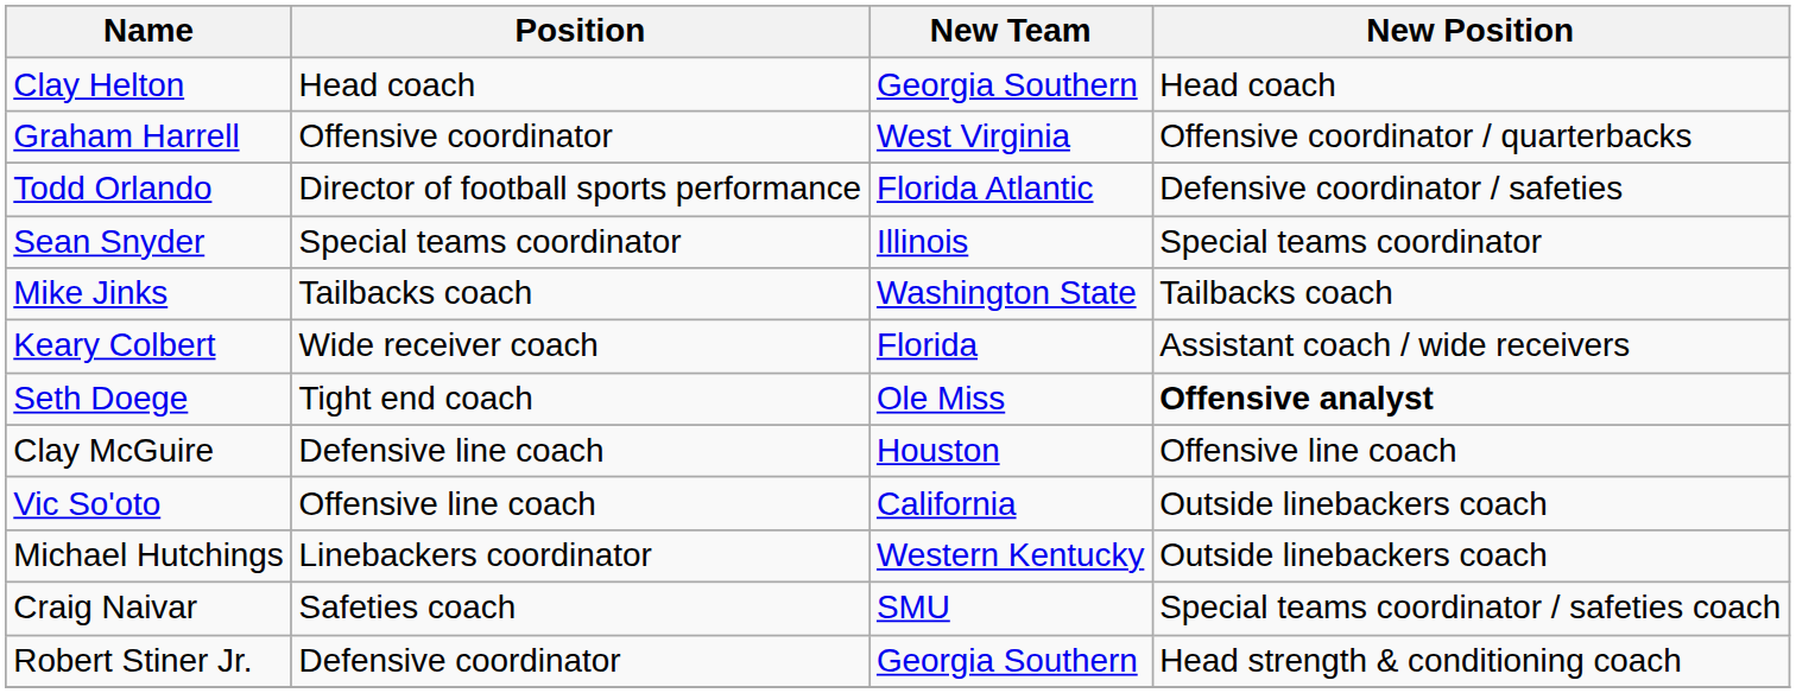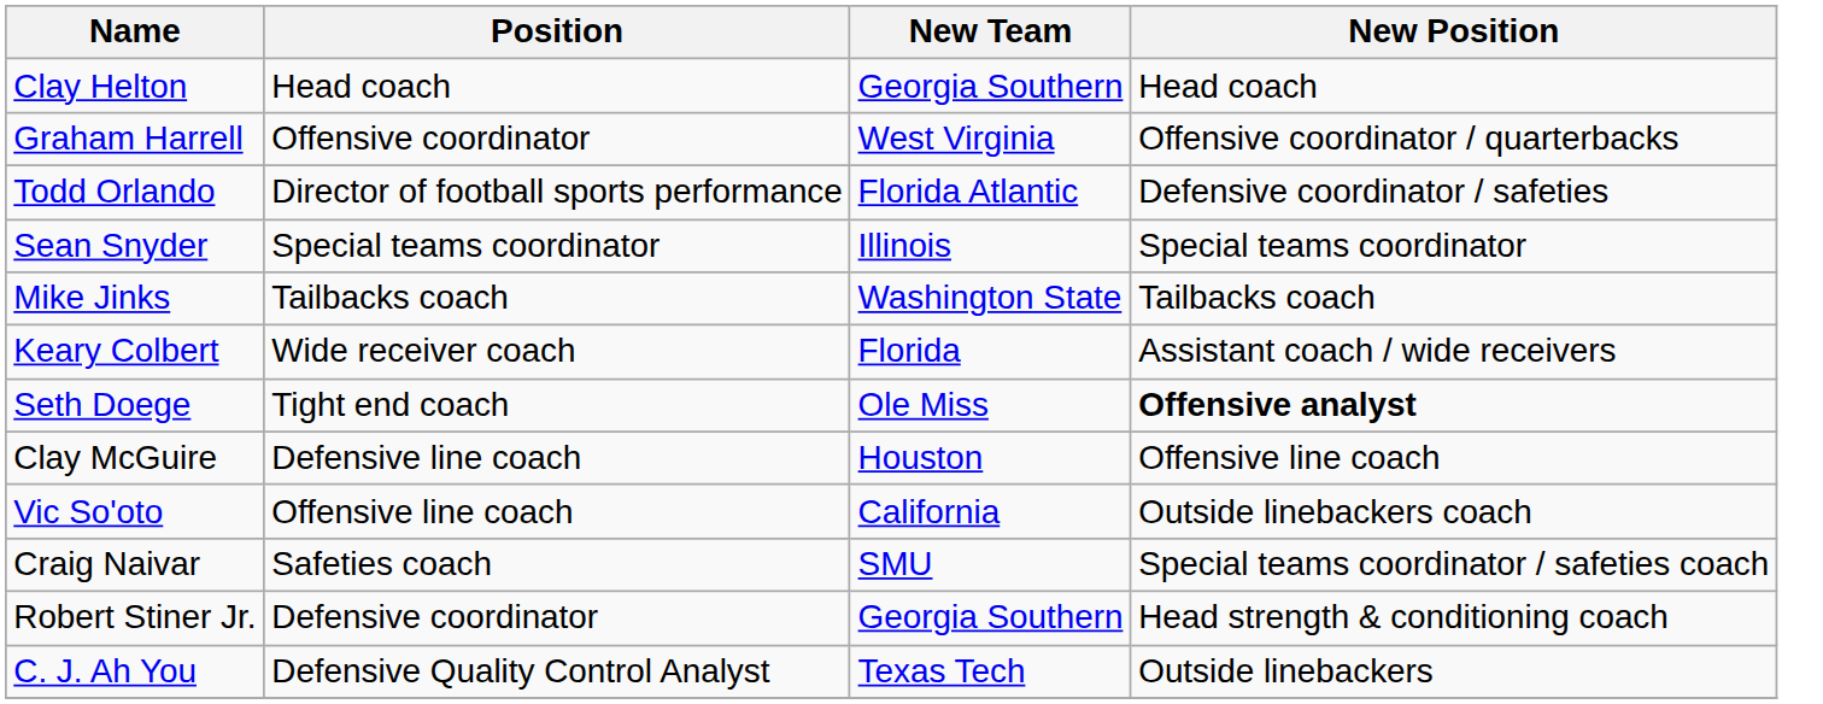 <table class="wikitable">
 <tr>
 <th style="text-align:center; ">Name</th>
 <th style="text-align:center; ">Position</th>
 <th style="text-align:center; ">New Team</th>
 <th style="text-align:center; ">New Position</th>
 </tr>
 <tr>
 <td><a href='#'>Clay Helton</a></td>
 <td>Head coach</td>
 <td><a href='#'>Georgia Southern</a></td>
 <td>Head coach</td>
 </tr>
 <tr>
 <td><a href='#'>Graham Harrell</a></td>
 <td>Offensive coordinator</td>
 <td><a href='#'>West Virginia</a></td>
 <td>Offensive coordinator / quarterbacks</td>
 </tr>
 <tr>
 <td><a href='#'>Todd Orlando</a></td>
 <td>Director of football sports performance</td>
 <td><a href='#'>Florida Atlantic</a></td>
 <td>Defensive coordinator / safeties</td>
 </tr>
 <tr>
 <td><a href='#'>Sean Snyder</a></td>
 <td>Special teams coordinator</td>
 <td><a href='#'>Illinois</a></td>
 <td>Special teams coordinator</td>
 </tr>
 <tr>
 <td><a href='#'>Mike Jinks</a></td>
 <td>Tailbacks coach</td>
 <td><a href='#'>Washington State</a></td>
 <td>Tailbacks coach</td>
 </tr>
 <tr>
 <td><a href='#'>Keary Colbert</a></td>
 <td>Wide receiver coach</td>
 <td><a href='#'>Florida</a></td>
 <td>Assistant coach / wide receivers</td>
 </tr>
 <tr>
 <td><a href='#'>Seth Doege</a></td>
 <td>Tight end coach</td>
 <td><a href='#'>Ole Miss</a></td>
 <td><strong>Offensive analyst</strong></td>
 </tr>
 <tr>
 <td>Clay McGuire</td>
 <td>Defensive line coach</td>
 <td><a href='#'>Houston</a></td>
 <td>Offensive line coach</td>
 </tr>
 <tr>
 <td><a href='#'>Vic So'oto</a></td>
 <td>Offensive line coach</td>
 <td><a href='#'>California</a></td>
 <td>Outside linebackers coach</td>
 </tr>
 <tr>
-<td>Michael Hutchings</td>
-<td>Linebackers coordinator</td>
-<td><a href='#'>Western Kentucky</a></td>
-<td>Outside linebackers coach</td>
-</tr>
-<tr>
 <td>Craig Naivar</td>
 <td>Safeties coach</td>
 <td><a href='#'>SMU</a></td>
 <td>Special teams coordinator / safeties coach</td>
 </tr>
 <tr>
 <td>Robert Stiner Jr.</td>
 <td>Defensive coordinator</td>
 <td><a href='#'>Georgia Southern</a></td>
 <td>Head strength & conditioning coach</td>
 </tr>
 <tr>
+<td><a href='#'>C. J. Ah You</a></td>
+<td>Defensive Quality Control Analyst</td>
+<td><a href='#'>Texas Tech</a></td>
+<td>Outside linebackers</td>
+</tr>
+<tr>
 </tr>
 </table>
